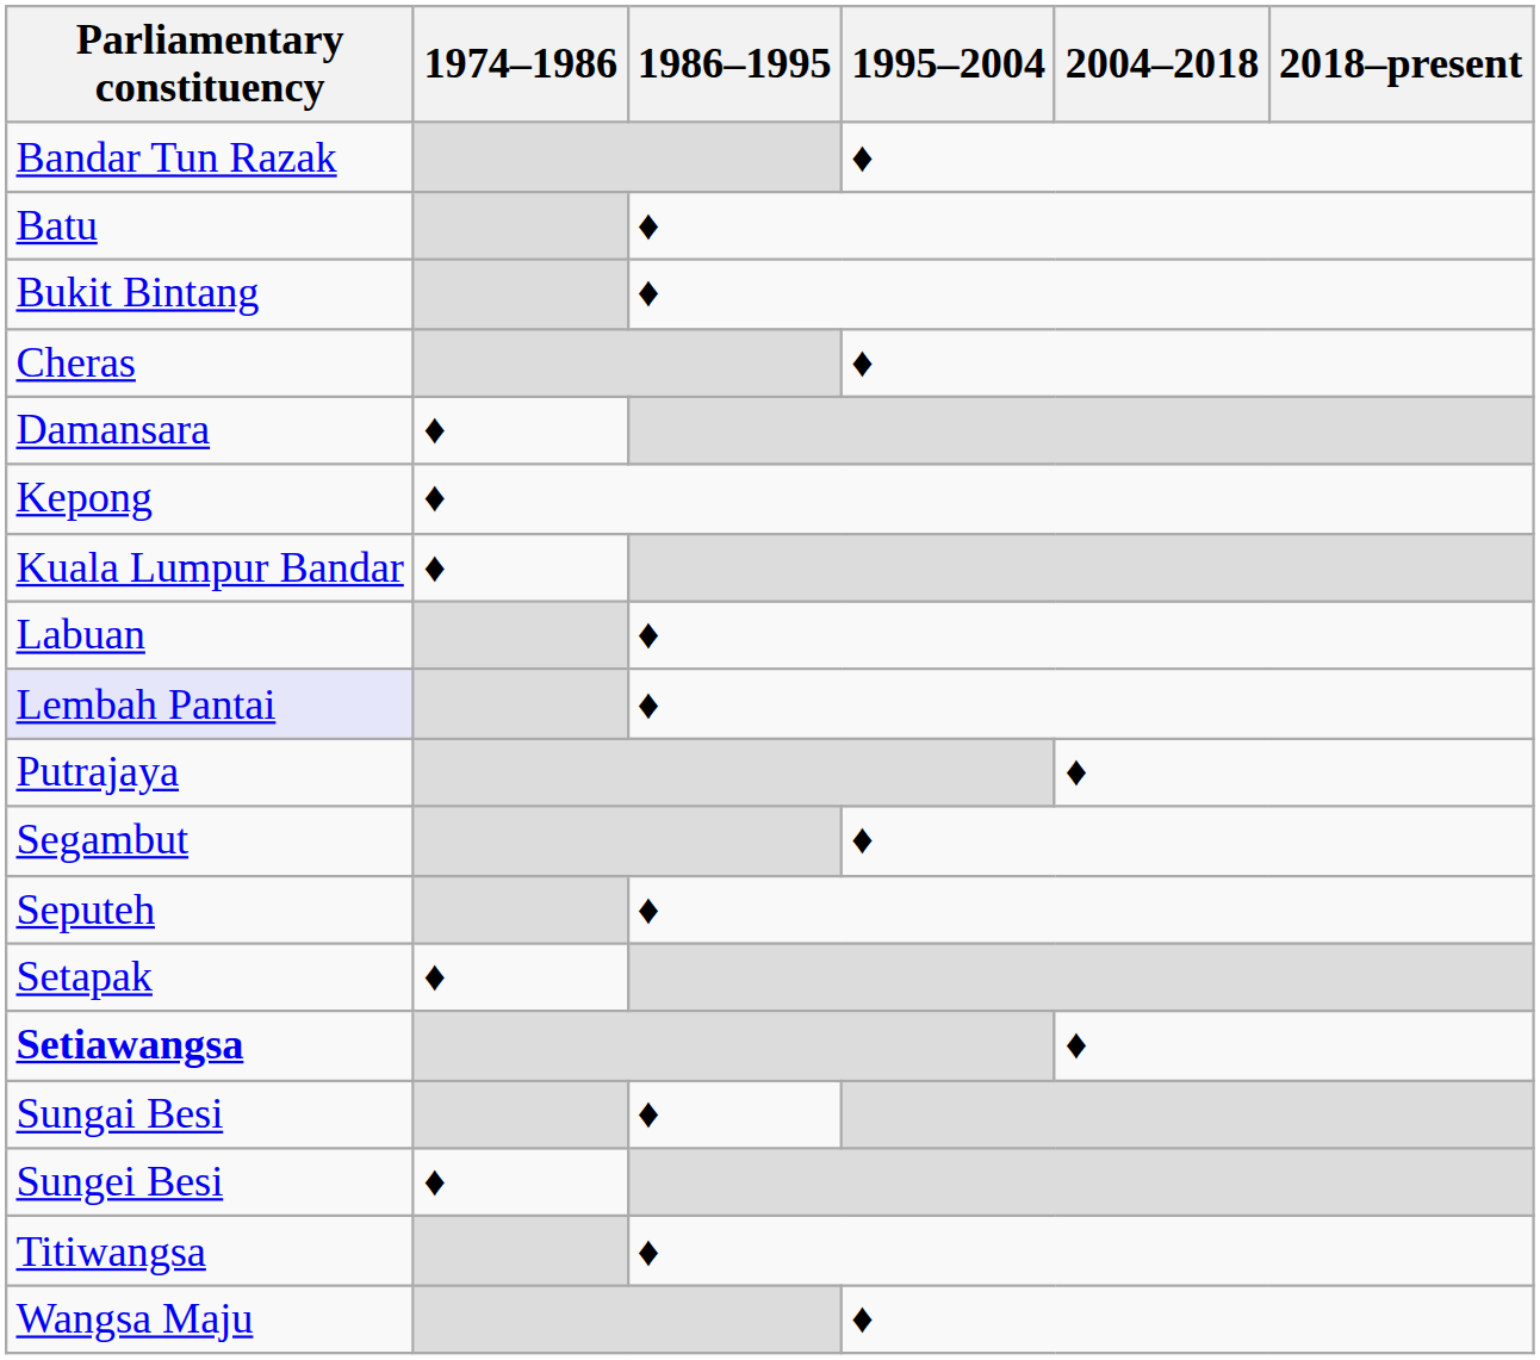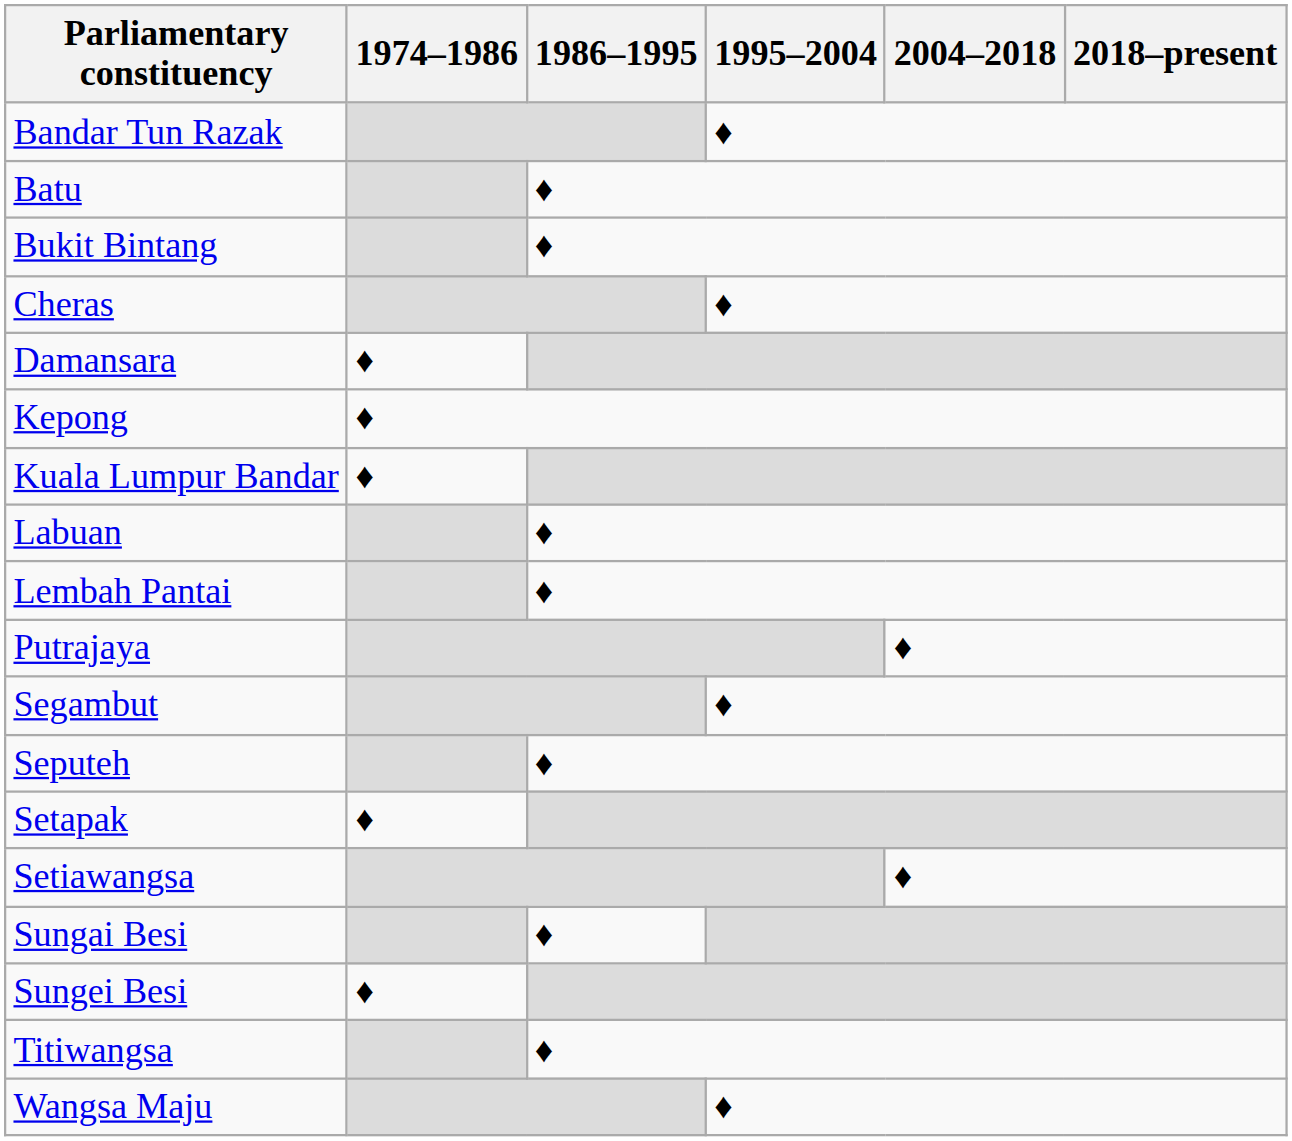 <table class=wikitable>
 <tr>
 <th>Parliamentary<br>constituency</th>
 <th>1974–1986</th>
 <th>1986–1995</th>
 <th>1995–2004</th>
 <th>2004–2018</th>
 <th>2018–present</th>
 </tr>
 <tr>
 <td><a href='#'>Bandar Tun Razak</a></td>
 <td colspan="2" bgcolor="dcdcdc"></td>
 <td colspan=3>♦</td>
 </tr>
 <tr>
 <td><a href='#'>Batu</a></td>
 <td bgcolor="dcdcdc"></td>
 <td colspan=4>♦</td>
 </tr>
 <tr>
 <td><a href='#'>Bukit Bintang</a></td>
 <td bgcolor="dcdcdc"></td>
 <td colspan=4>♦</td>
 </tr>
 <tr>
 <td><a href='#'>Cheras</a></td>
 <td colspan="2" bgcolor="dcdcdc"></td>
 <td colspan=3>♦</td>
 </tr>
 <tr>
 <td><a href='#'>Damansara</a></td>
 <td>♦</td>
 <td colspan=4 bgcolor=dcdcdc></td>
 </tr>
 <tr>
 <td><a href='#'>Kepong</a></td>
 <td colspan="5">♦</td>
 </tr>
 <tr>
 <td><a href='#'>Kuala Lumpur Bandar</a></td>
 <td>♦</td>
 <td colspan=4 bgcolor=dcdcdc></td>
 </tr>
 <tr>
 <td><a href='#'>Labuan</a></td>
 <td bgcolor="dcdcdc"></td>
 <td colspan=4>♦</td>
 </tr>
 <tr>
-<td style="background: lavender;"><a href='#'>Lembah Pantai</a></td>
+<td><a href='#'>Lembah Pantai</a></td>
 <td bgcolor="dcdcdc"></td>
 <td colspan=4>♦</td>
 </tr>
 <tr>
 <td><a href='#'>Putrajaya</a></td>
 <td colspan="3" bgcolor="dcdcdc"></td>
 <td colspan=2>♦</td>
 </tr>
 <tr>
 <td><a href='#'>Segambut</a></td>
 <td colspan="2" bgcolor="dcdcdc"></td>
 <td colspan=3>♦</td>
 </tr>
 <tr>
 <td><a href='#'>Seputeh</a></td>
 <td bgcolor="dcdcdc"></td>
 <td colspan=4>♦</td>
 </tr>
 <tr>
 <td><a href='#'>Setapak</a></td>
 <td>♦</td>
 <td colspan=4 bgcolor=dcdcdc></td>
 </tr>
 <tr>
-<td><strong><a href='#'>Setiawangsa</a></strong></td>
+<td><a href='#'>Setiawangsa</a></td>
 <td colspan="3" bgcolor="dcdcdc"></td>
 <td colspan=2>♦</td>
 </tr>
 <tr>
 <td><a href='#'>Sungai Besi</a></td>
 <td bgcolor="dcdcdc"></td>
 <td>♦</td>
 <td colspan=3 bgcolor=dcdcdc></td>
 </tr>
 <tr>
 <td><a href='#'>Sungei Besi</a></td>
 <td>♦</td>
 <td colspan=4 bgcolor=dcdcdc></td>
 </tr>
 <tr>
 <td><a href='#'>Titiwangsa</a></td>
 <td bgcolor="dcdcdc"></td>
 <td colspan=4>♦</td>
 </tr>
 <tr>
 <td><a href='#'>Wangsa Maju</a></td>
 <td colspan="2" bgcolor="dcdcdc"></td>
 <td colspan=3>♦</td>
 </tr>
 </table>
